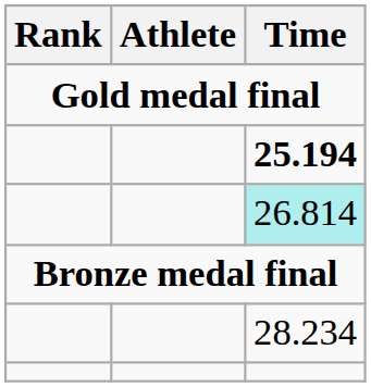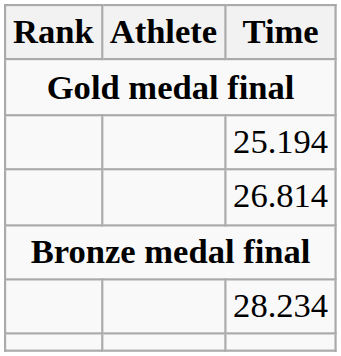 <table class="wikitable sortable" style="text-align:center">
 <tr>
 <th>Rank</th>
 <th>Athlete</th>
 <th>Time</th>
 </tr>
 <tr>
 <td colspan=7><strong>Gold medal final</strong></td>
 </tr>
 <tr>
 <td></td>
 <td align="left"></td>
-<td><strong>25.194</strong></td>
+<td>25.194</td>
 </tr>
 <tr>
 <td></td>
 <td align="left"></td>
-<td style="background: paleturquoise;">26.814</td>
+<td>26.814</td>
 </tr>
 <tr>
 <td colspan=7><strong>Bronze medal final</strong></td>
 </tr>
 <tr>
 <td></td>
 <td align="left"></td>
 <td>28.234</td>
 </tr>
 <tr>
 <td></td>
 <td align="left"></td>
 <td></td>
 </tr>
 </table>
